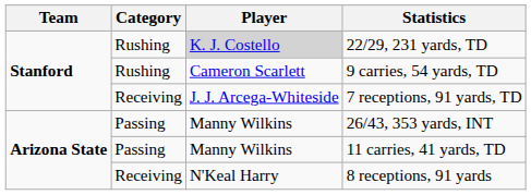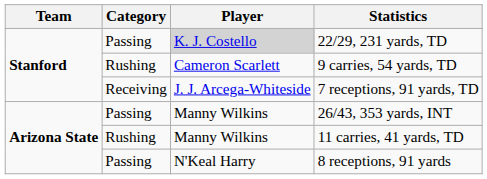 <table class="wikitable" style="float: right;">
 <tr>
 <th>Team</th>
 <th>Category</th>
 <th>Player</th>
 <th>Statistics</th>
 </tr>
 <tr>
 <td rowspan=3><strong>Stanford</strong></td>
-<td>Rushing</td>
+<td>Passing</td>
 <td style="background: lightgrey;"><a href='#'>K. J. Costello</a></td>
 <td>22/29, 231 yards, TD</td>
 </tr>
 <tr>
 <td>Rushing</td>
 <td><a href='#'>Cameron Scarlett</a></td>
 <td>9 carries, 54 yards, TD</td>
 </tr>
 <tr>
 <td>Receiving</td>
 <td><a href='#'>J. J. Arcega-Whiteside</a></td>
 <td>7 receptions, 91 yards, TD</td>
 </tr>
 <tr>
 <td rowspan=3><strong>Arizona State</strong></td>
 <td>Passing</td>
 <td>Manny Wilkins</td>
 <td>26/43, 353 yards, INT</td>
 </tr>
 <tr>
-<td>Passing</td>
+<td>Rushing</td>
 <td>Manny Wilkins</td>
 <td>11 carries, 41 yards, TD</td>
 </tr>
 <tr>
-<td>Receiving</td>
+<td>Passing</td>
 <td>N'Keal Harry</td>
 <td>8 receptions, 91 yards</td>
 </tr>
 </table>
